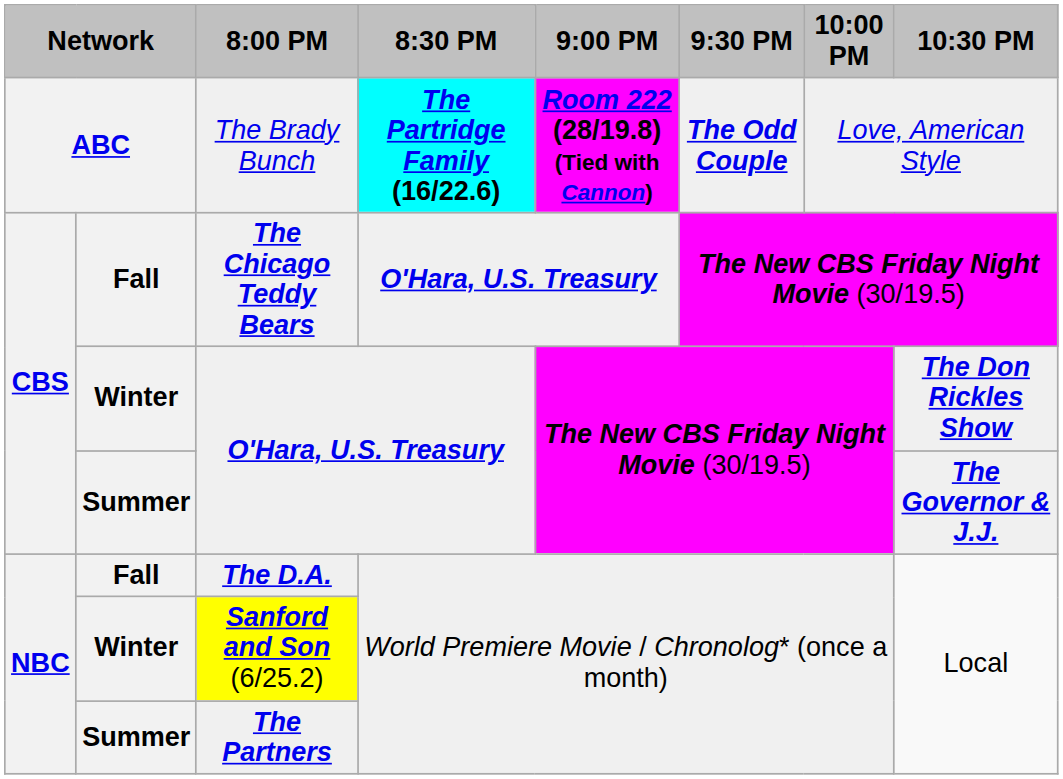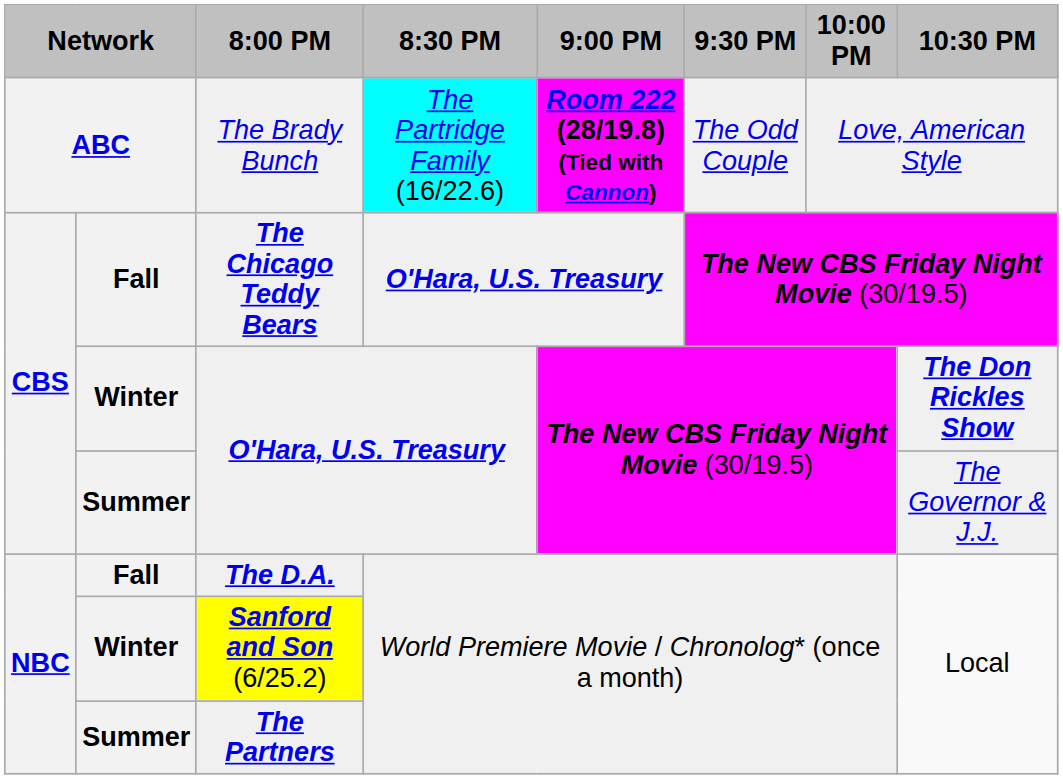 <table class="wikitable" style="width:100%;margin-right:0;text-align:center">
 <tr>
 <th colspan="2" style="background-color:#C0C0C0;text-align:center">Network</th>
 <th style="background-color:#C0C0C0;text-align:center">8:00 PM</th>
 <th style="background-color:#C0C0C0;text-align:center">8:30 PM</th>
 <th style="background-color:#C0C0C0;text-align:center">9:00 PM</th>
 <th style="background-color:#C0C0C0;text-align:center">9:30 PM</th>
 <th style="background-color:#C0C0C0;text-align:center">10:00 PM</th>
 <th style="background-color:#C0C0C0;text-align:center">10:30 PM</th>
 </tr>
 <tr>
 <th bgcolor="#C0C0C0" colspan="2"><a href='#'>ABC</a></th>
 <td bgcolor="#F0F0F0"><em><a href='#'>The Brady Bunch</a></em></td>
-<td bgcolor="cyan"><strong><em><a href='#'>The Partridge Family</a></em> (16/22.6)</strong></td>
+<td bgcolor="cyan"><em><a href='#'>The Partridge Family</a></em> (16/22.6)</td>
 <td bgcolor="magenta"><strong><em><a href='#'>Room 222</a></em> (28/19.8)<br><small>(Tied with <em><a href='#'>Cannon</a></em>)</small></strong></td>
-<td bgcolor="#F0F0F0"><strong><em><a href='#'>The Odd Couple</a></em></strong></td>
+<td bgcolor="#F0F0F0"><em><a href='#'>The Odd Couple</a></em></td>
 <td bgcolor="#F0F0F0" colspan="2"><em><a href='#'>Love, American Style</a></em></td>
 </tr>
 <tr>
 <th bgcolor="#C0C0C0" rowspan="3"><a href='#'>CBS</a></th>
 <th>Fall</th>
 <td bgcolor="#F0F0F0"><strong><em><a href='#'>The Chicago Teddy Bears</a></em></strong></td>
 <td bgcolor="#F0F0F0" colspan="2"><strong><em><a href='#'>O'Hara, U.S. Treasury</a></em></strong></td>
 <td bgcolor="magenta" colspan="3"><strong><em>The New CBS Friday Night Movie</em></strong> (30/19.5)</td>
 </tr>
 <tr>
 <th>Winter</th>
 <td bgcolor="#F0F0F0" rowspan="2" colspan="2"><strong><em><a href='#'>O'Hara, U.S. Treasury</a></em></strong></td>
 <td bgcolor="magenta" rowspan="2" colspan="3"><strong><em>The New CBS Friday Night Movie</em></strong> (30/19.5)</td>
 <td bgcolor="#F0F0F0"><strong><em><a href='#'>The Don Rickles Show</a></em></strong></td>
 </tr>
 <tr>
 <th>Summer</th>
-<td bgcolor="#F0F0F0"><strong><em><a href='#'>The Governor & J.J.</a></em></strong></td>
+<td bgcolor="#F0F0F0"><em><a href='#'>The Governor & J.J.</a></em></td>
 </tr>
 <tr>
 <th bgcolor="#C0C0C0" rowspan="3"><a href='#'>NBC</a></th>
 <th>Fall</th>
 <td bgcolor="#F0F0F0"><strong><em><a href='#'>The D.A.</a></em></strong></td>
 <td bgcolor="#F0F0F0" colspan="4" rowspan="3"><em>World Premiere Movie</em> / <em>Chronolog</em>* (once a month)</td>
 <td rowspan="3">Local</td>
 </tr>
 <tr>
 <th>Winter</th>
 <td bgcolor="yellow"><strong><em><a href='#'>Sanford and Son</a></em></strong> (6/25.2)</td>
 </tr>
 <tr>
 <th>Summer</th>
 <td bgcolor="#F0F0F0"><strong><em><a href='#'>The Partners</a></em></strong></td>
 </tr>
 </table>
